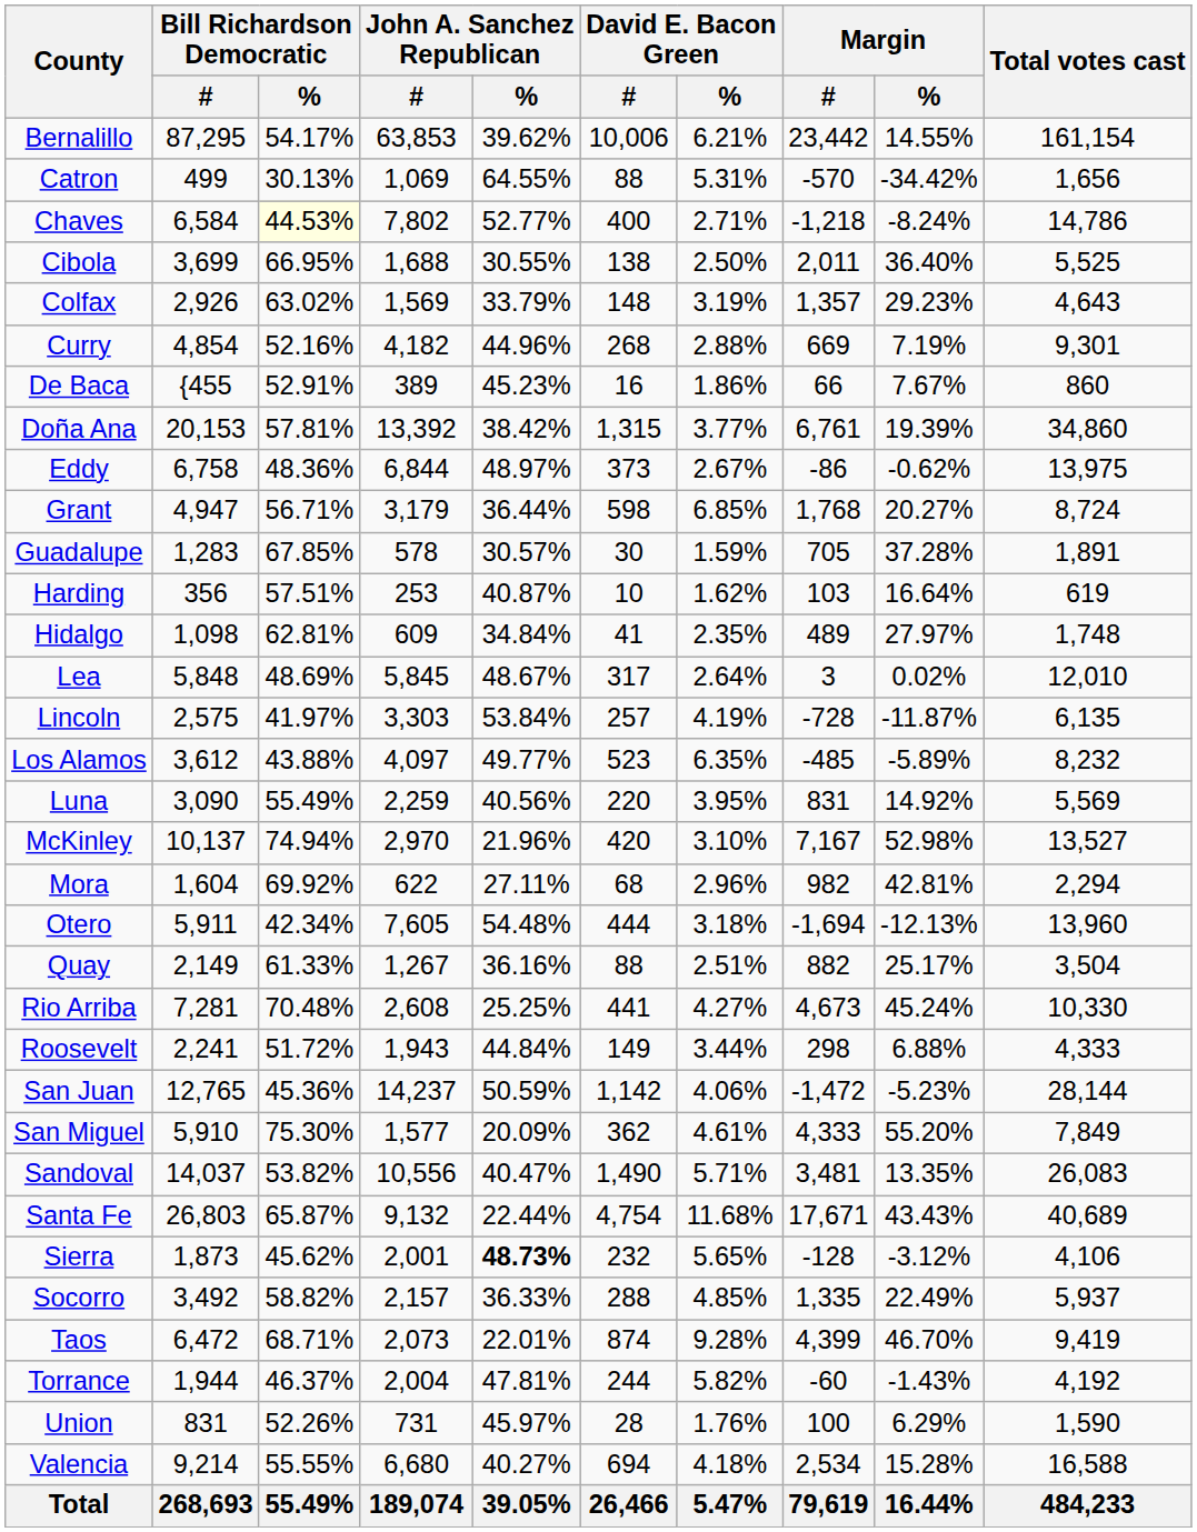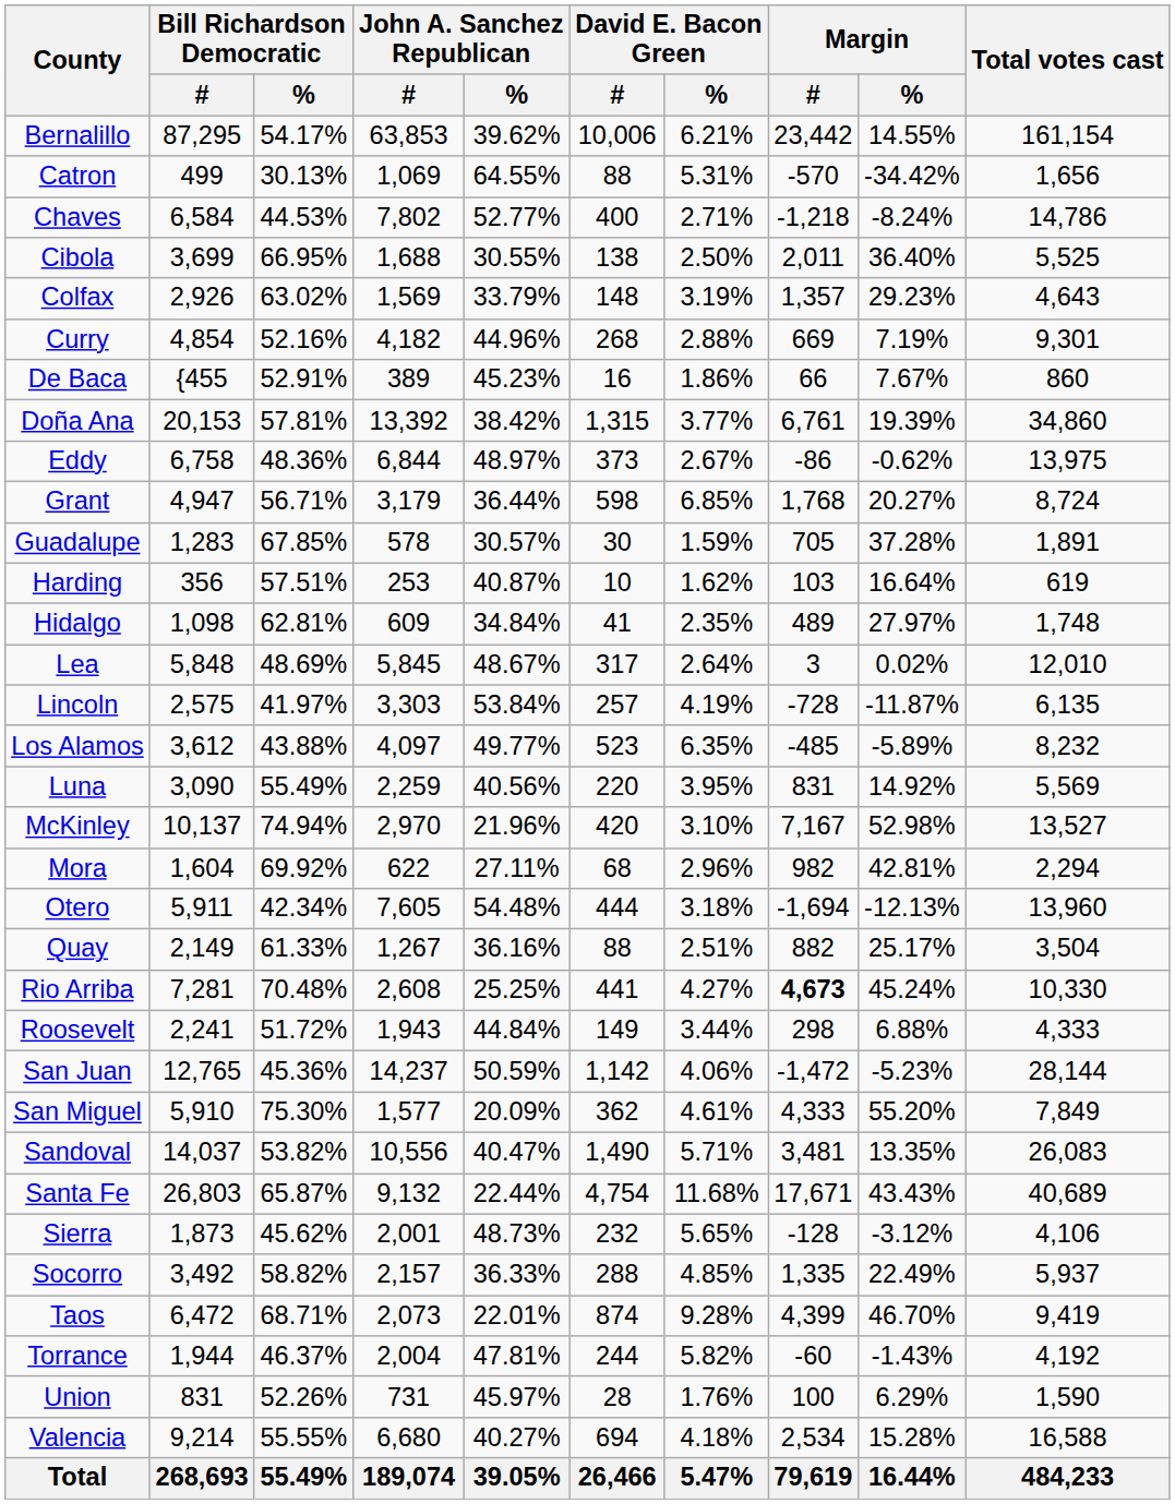 <table class="wikitable sortable" style="text-align:center">
 <tr>
 <th style="text-align:center;" rowspan="2">County</th>
 <th style="text-align:center;" colspan="2">Bill Richardson<br>Democratic</th>
 <th style="text-align:center;" colspan="2">John A. Sanchez<br>Republican</th>
 <th style="text-align:center;" colspan="2">David E. Bacon<br>Green</th>
 <th style="text-align:center;" colspan="2">Margin</th>
 <th style="text-align:center;" rowspan="2">Total votes cast</th>
 </tr>
 <tr>
 <th style="text-align:center;" data-sort-type="number">#</th>
 <th style="text-align:center;" data-sort-type="number">%</th>
 <th style="text-align:center;" data-sort-type="number">#</th>
 <th style="text-align:center;" data-sort-type="number">%</th>
 <th style="text-align:center;" data-sort-type="number">#</th>
 <th style="text-align:center;" data-sort-type="number">%</th>
 <th style="text-align:center;" data-sort-type="number">#</th>
 <th style="text-align:center;" data-sort-type="number">%</th>
 </tr>
 <tr style="text-align:center;" >
 <td><a href='#'>Bernalillo</a></td>
 <td>87,295</td>
 <td>54.17%</td>
 <td>63,853</td>
 <td>39.62%</td>
 <td>10,006</td>
 <td>6.21%</td>
 <td>23,442</td>
 <td>14.55%</td>
 <td>161,154</td>
 </tr>
 <tr style="text-align:center;" >
 <td><a href='#'>Catron</a></td>
 <td>499</td>
 <td>30.13%</td>
 <td>1,069</td>
 <td>64.55%</td>
 <td>88</td>
 <td>5.31%</td>
 <td>-570</td>
 <td>-34.42%</td>
 <td>1,656</td>
 </tr>
 <tr style="text-align:center;" >
 <td><a href='#'>Chaves</a></td>
 <td>6,584</td>
-<td style="background: lightyellow;">44.53%</td>
+<td>44.53%</td>
 <td>7,802</td>
 <td>52.77%</td>
 <td>400</td>
 <td>2.71%</td>
 <td>-1,218</td>
 <td>-8.24%</td>
 <td>14,786</td>
 </tr>
 <tr style="text-align:center;">
 <td><a href='#'>Cibola</a></td>
 <td>3,699</td>
 <td>66.95%</td>
 <td>1,688</td>
 <td>30.55%</td>
 <td>138</td>
 <td>2.50%</td>
 <td>2,011</td>
 <td>36.40%</td>
 <td>5,525</td>
 </tr>
 <tr style="text-align:center;" >
 <td><a href='#'>Colfax</a></td>
 <td>2,926</td>
 <td>63.02%</td>
 <td>1,569</td>
 <td>33.79%</td>
 <td>148</td>
 <td>3.19%</td>
 <td>1,357</td>
 <td>29.23%</td>
 <td>4,643</td>
 </tr>
 <tr style="text-align:center;" >
 <td><a href='#'>Curry</a></td>
 <td>4,854</td>
 <td>52.16%</td>
 <td>4,182</td>
 <td>44.96%</td>
 <td>268</td>
 <td>2.88%</td>
 <td>669</td>
 <td>7.19%</td>
 <td>9,301</td>
 </tr>
 <tr style="text-align:center;" >
 <td><a href='#'>De Baca</a></td>
 <td>{455</td>
 <td>52.91%</td>
 <td>389</td>
 <td>45.23%</td>
 <td>16</td>
 <td>1.86%</td>
 <td>66</td>
 <td>7.67%</td>
 <td>860</td>
 </tr>
 <tr style="text-align:center;" >
 <td><a href='#'>Doña Ana</a></td>
 <td>20,153</td>
 <td>57.81%</td>
 <td>13,392</td>
 <td>38.42%</td>
 <td>1,315</td>
 <td>3.77%</td>
 <td>6,761</td>
 <td>19.39%</td>
 <td>34,860</td>
 </tr>
 <tr style="text-align:center;" >
 <td><a href='#'>Eddy</a></td>
 <td>6,758</td>
 <td>48.36%</td>
 <td>6,844</td>
 <td>48.97%</td>
 <td>373</td>
 <td>2.67%</td>
 <td>-86</td>
 <td>-0.62%</td>
 <td>13,975</td>
 </tr>
 <tr style="text-align:center;" >
 <td><a href='#'>Grant</a></td>
 <td>4,947</td>
 <td>56.71%</td>
 <td>3,179</td>
 <td>36.44%</td>
 <td>598</td>
 <td>6.85%</td>
 <td>1,768</td>
 <td>20.27%</td>
 <td>8,724</td>
 </tr>
 <tr style="text-align:center;" >
 <td><a href='#'>Guadalupe</a></td>
 <td>1,283</td>
 <td>67.85%</td>
 <td>578</td>
 <td>30.57%</td>
 <td>30</td>
 <td>1.59%</td>
 <td>705</td>
 <td>37.28%</td>
 <td>1,891</td>
 </tr>
 <tr style="text-align:center;" >
 <td><a href='#'>Harding</a></td>
 <td>356</td>
 <td>57.51%</td>
 <td>253</td>
 <td>40.87%</td>
 <td>10</td>
 <td>1.62%</td>
 <td>103</td>
 <td>16.64%</td>
 <td>619</td>
 </tr>
 <tr style="text-align:center;" >
 <td><a href='#'>Hidalgo</a></td>
 <td>1,098</td>
 <td>62.81%</td>
 <td>609</td>
 <td>34.84%</td>
 <td>41</td>
 <td>2.35%</td>
 <td>489</td>
 <td>27.97%</td>
 <td>1,748</td>
 </tr>
 <tr style="text-align:center;" >
 <td><a href='#'>Lea</a></td>
 <td>5,848</td>
 <td>48.69%</td>
 <td>5,845</td>
 <td>48.67%</td>
 <td>317</td>
 <td>2.64%</td>
 <td>3</td>
 <td>0.02%</td>
 <td>12,010</td>
 </tr>
 <tr style="text-align:center;" >
 <td><a href='#'>Lincoln</a></td>
 <td>2,575</td>
 <td>41.97%</td>
 <td>3,303</td>
 <td>53.84%</td>
 <td>257</td>
 <td>4.19%</td>
 <td>-728</td>
 <td>-11.87%</td>
 <td>6,135</td>
 </tr>
 <tr style="text-align:center;" >
 <td><a href='#'>Los Alamos</a></td>
 <td>3,612</td>
 <td>43.88%</td>
 <td>4,097</td>
 <td>49.77%</td>
 <td>523</td>
 <td>6.35%</td>
 <td>-485</td>
 <td>-5.89%</td>
 <td>8,232</td>
 </tr>
 <tr style="text-align:center;" >
 <td><a href='#'>Luna</a></td>
 <td>3,090</td>
 <td>55.49%</td>
 <td>2,259</td>
 <td>40.56%</td>
 <td>220</td>
 <td>3.95%</td>
 <td>831</td>
 <td>14.92%</td>
 <td>5,569</td>
 </tr>
 <tr style="text-align:center;" >
 <td><a href='#'>McKinley</a></td>
 <td>10,137</td>
 <td>74.94%</td>
 <td>2,970</td>
 <td>21.96%</td>
 <td>420</td>
 <td>3.10%</td>
 <td>7,167</td>
 <td>52.98%</td>
 <td>13,527</td>
 </tr>
 <tr style="text-align:center;" >
 <td><a href='#'>Mora</a></td>
 <td>1,604</td>
 <td>69.92%</td>
 <td>622</td>
 <td>27.11%</td>
 <td>68</td>
 <td>2.96%</td>
 <td>982</td>
 <td>42.81%</td>
 <td>2,294</td>
 </tr>
 <tr style="text-align:center;" >
 <td><a href='#'>Otero</a></td>
 <td>5,911</td>
 <td>42.34%</td>
 <td>7,605</td>
 <td>54.48%</td>
 <td>444</td>
 <td>3.18%</td>
 <td>-1,694</td>
 <td>-12.13%</td>
 <td>13,960</td>
 </tr>
 <tr style="text-align:center;" >
 <td><a href='#'>Quay</a></td>
 <td>2,149</td>
 <td>61.33%</td>
 <td>1,267</td>
 <td>36.16%</td>
 <td>88</td>
 <td>2.51%</td>
 <td>882</td>
 <td>25.17%</td>
 <td>3,504</td>
 </tr>
 <tr style="text-align:center;" >
 <td><a href='#'>Rio Arriba</a></td>
 <td>7,281</td>
 <td>70.48%</td>
 <td>2,608</td>
 <td>25.25%</td>
 <td>441</td>
 <td>4.27%</td>
-<td>4,673</td>
+<td><strong>4,673</strong></td>
 <td>45.24%</td>
 <td>10,330</td>
 </tr>
 <tr style="text-align:center;" >
 <td><a href='#'>Roosevelt</a></td>
 <td>2,241</td>
 <td>51.72%</td>
 <td>1,943</td>
 <td>44.84%</td>
 <td>149</td>
 <td>3.44%</td>
 <td>298</td>
 <td>6.88%</td>
 <td>4,333</td>
 </tr>
 <tr style="text-align:center;" >
 <td><a href='#'>San Juan</a></td>
 <td>12,765</td>
 <td>45.36%</td>
 <td>14,237</td>
 <td>50.59%</td>
 <td>1,142</td>
 <td>4.06%</td>
 <td>-1,472</td>
 <td>-5.23%</td>
 <td>28,144</td>
 </tr>
 <tr style="text-align:center;" >
 <td><a href='#'>San Miguel</a></td>
 <td>5,910</td>
 <td>75.30%</td>
 <td>1,577</td>
 <td>20.09%</td>
 <td>362</td>
 <td>4.61%</td>
 <td>4,333</td>
 <td>55.20%</td>
 <td>7,849</td>
 </tr>
 <tr style="text-align:center;" >
 <td><a href='#'>Sandoval</a></td>
 <td>14,037</td>
 <td>53.82%</td>
 <td>10,556</td>
 <td>40.47%</td>
 <td>1,490</td>
 <td>5.71%</td>
 <td>3,481</td>
 <td>13.35%</td>
 <td>26,083</td>
 </tr>
 <tr style="text-align:center;" >
 <td><a href='#'>Santa Fe</a></td>
 <td>26,803</td>
 <td>65.87%</td>
 <td>9,132</td>
 <td>22.44%</td>
 <td>4,754</td>
 <td>11.68%</td>
 <td>17,671</td>
 <td>43.43%</td>
 <td>40,689</td>
 </tr>
 <tr style="text-align:center;" >
 <td><a href='#'>Sierra</a></td>
 <td>1,873</td>
 <td>45.62%</td>
 <td>2,001</td>
-<td><strong>48.73%</strong></td>
+<td>48.73%</td>
 <td>232</td>
 <td>5.65%</td>
 <td>-128</td>
 <td>-3.12%</td>
 <td>4,106</td>
 </tr>
 <tr style="text-align:center;" >
 <td><a href='#'>Socorro</a></td>
 <td>3,492</td>
 <td>58.82%</td>
 <td>2,157</td>
 <td>36.33%</td>
 <td>288</td>
 <td>4.85%</td>
 <td>1,335</td>
 <td>22.49%</td>
 <td>5,937</td>
 </tr>
 <tr style="text-align:center;" >
 <td><a href='#'>Taos</a></td>
 <td>6,472</td>
 <td>68.71%</td>
 <td>2,073</td>
 <td>22.01%</td>
 <td>874</td>
 <td>9.28%</td>
 <td>4,399</td>
 <td>46.70%</td>
 <td>9,419</td>
 </tr>
 <tr style="text-align:center;" >
 <td><a href='#'>Torrance</a></td>
 <td>1,944</td>
 <td>46.37%</td>
 <td>2,004</td>
 <td>47.81%</td>
 <td>244</td>
 <td>5.82%</td>
 <td>-60</td>
 <td>-1.43%</td>
 <td>4,192</td>
 </tr>
 <tr style="text-align:center;" >
 <td><a href='#'>Union</a></td>
 <td>831</td>
 <td>52.26%</td>
 <td>731</td>
 <td>45.97%</td>
 <td>28</td>
 <td>1.76%</td>
 <td>100</td>
 <td>6.29%</td>
 <td>1,590</td>
 </tr>
 <tr style="text-align:center;" >
 <td><a href='#'>Valencia</a></td>
 <td>9,214</td>
 <td>55.55%</td>
 <td>6,680</td>
 <td>40.27%</td>
 <td>694</td>
 <td>4.18%</td>
 <td>2,534</td>
 <td>15.28%</td>
 <td>16,588</td>
 </tr>
 <tr style="text-align:center;">
 <th>Total</th>
 <th>268,693</th>
 <th>55.49%</th>
 <th>189,074</th>
 <th>39.05%</th>
 <th>26,466</th>
 <th>5.47%</th>
 <th>79,619</th>
 <th>16.44%</th>
 <th>484,233</th>
 </tr>
 </table>
